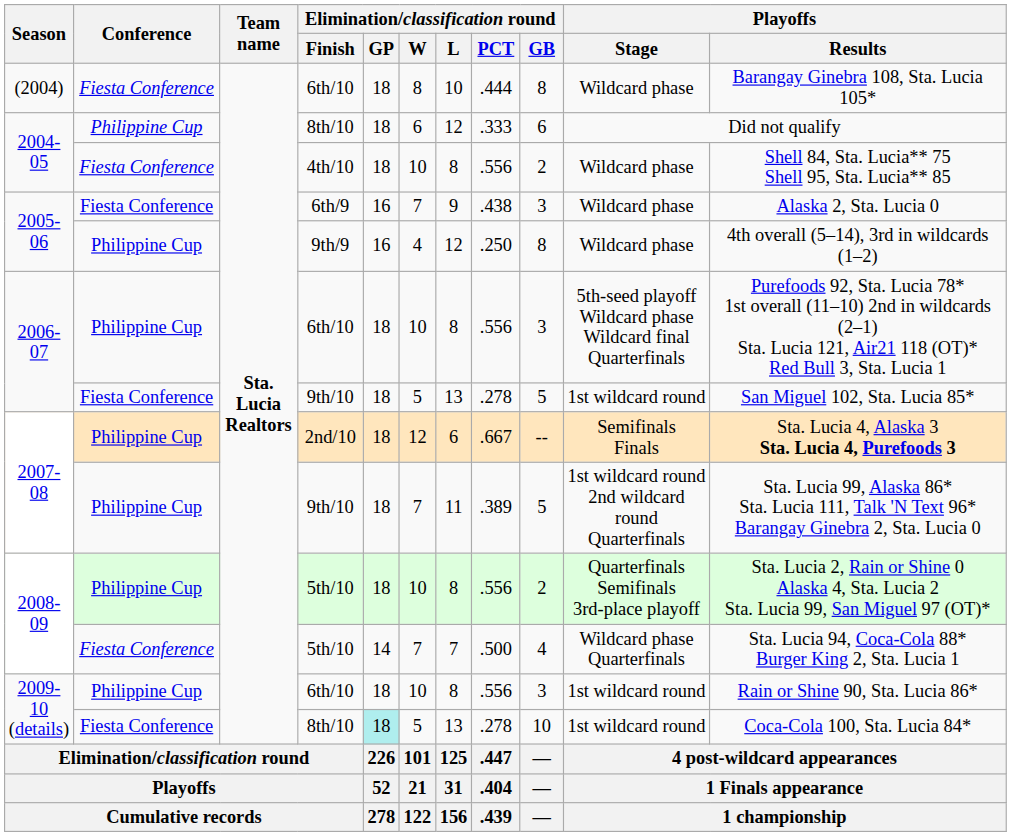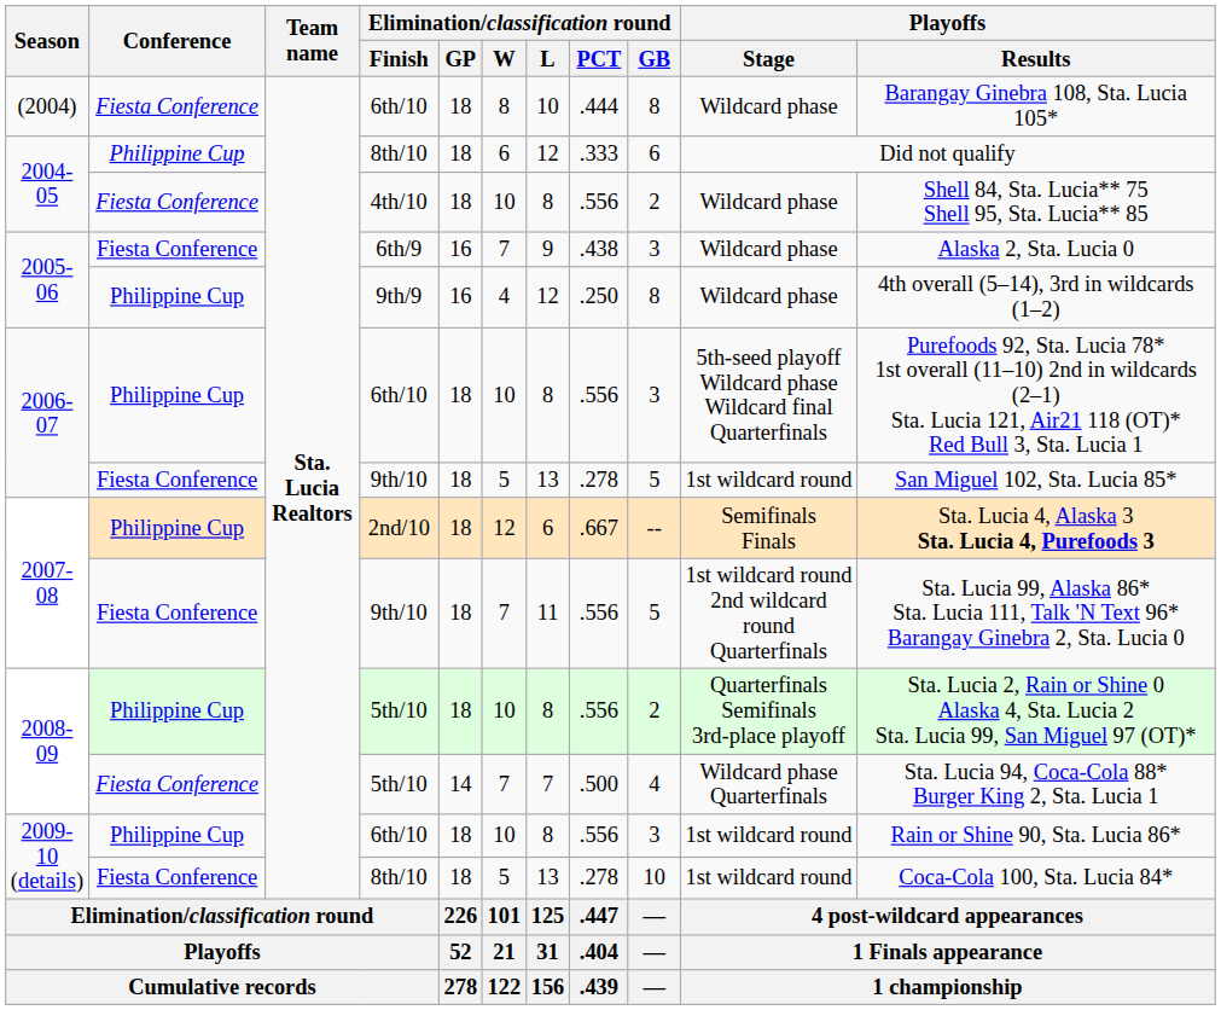 <table class=wikitable style="text-align:center;">
 <tr>
 <th width=50px rowspan=2>Season</th>
 <th width=120px rowspan=2>Conference</th>
 <th width=60px rowspan=2>Team name</th>
 <th colspan=6>Elimination/<em>classification</em> round</th>
 <th colspan=2>Playoffs</th>
 </tr>
 <tr>
 <th width=50px>Finish</th>
 <th width=20px>GP</th>
 <th width=20px>W</th>
 <th width=20px>L</th>
 <th width=35px><a href='#'>PCT</a></th>
 <th width=30px><a href='#'>GB</a></th>
 <th width=120px>Stage</th>
 <th width=250px>Results</th>
 </tr>
 <tr>
 <td>(2004)</td>
 <td><em><a href='#'>Fiesta Conference</a></em></td>
 <td rowspan=13><strong>Sta. Lucia Realtors</strong></td>
 <td>6th/10</td>
 <td>18</td>
 <td>8</td>
 <td>10</td>
 <td>.444</td>
 <td>8</td>
 <td>Wildcard phase</td>
 <td><a href='#'>Barangay Ginebra</a> 108, Sta. Lucia 105*</td>
 </tr>
 <tr>
 <td rowspan=2><a href='#'>2004-05</a></td>
 <td><em><a href='#'>Philippine Cup</a></em></td>
 <td>8th/10</td>
 <td>18</td>
 <td>6</td>
 <td>12</td>
 <td>.333</td>
 <td>6</td>
 <td colspan=2>Did not qualify</td>
 </tr>
 <tr>
 <td><em><a href='#'>Fiesta Conference</a></em></td>
 <td>4th/10</td>
 <td>18</td>
 <td>10</td>
 <td>8</td>
 <td>.556</td>
 <td>2</td>
 <td>Wildcard phase</td>
 <td><a href='#'>Shell</a> 84, Sta. Lucia** 75<br><a href='#'>Shell</a> 95, Sta. Lucia** 85</td>
 </tr>
 <tr>
 <td rowspan=2><a href='#'>2005-06</a></td>
 <td><a href='#'>Fiesta Conference</a></td>
 <td>6th/9</td>
 <td>16</td>
 <td>7</td>
 <td>9</td>
 <td>.438</td>
 <td>3</td>
 <td>Wildcard phase</td>
 <td><a href='#'>Alaska</a> 2, Sta. Lucia 0</td>
 </tr>
 <tr>
 <td><a href='#'>Philippine Cup</a></td>
 <td>9th/9</td>
 <td>16</td>
 <td>4</td>
 <td>12</td>
 <td>.250</td>
 <td>8</td>
 <td>Wildcard phase</td>
 <td>4th overall (5–14), 3rd in wildcards (1–2)</td>
 </tr>
 <tr>
 <td rowspan=2><a href='#'>2006-07</a></td>
 <td><a href='#'>Philippine Cup</a></td>
 <td>6th/10</td>
 <td>18</td>
 <td>10</td>
 <td>8</td>
 <td>.556</td>
 <td>3</td>
 <td>5th-seed playoff<br>Wildcard phase<br>Wildcard final<br>Quarterfinals</td>
 <td><a href='#'>Purefoods</a> 92, Sta. Lucia 78*<br>1st overall (11–10) 2nd in wildcards (2–1)<br>Sta. Lucia 121, <a href='#'>Air21</a> 118 (OT)*<br><a href='#'>Red Bull</a> 3, Sta. Lucia 1</td>
 </tr>
 <tr>
 <td><a href='#'>Fiesta Conference</a></td>
 <td>9th/10</td>
 <td>18</td>
 <td>5</td>
 <td>13</td>
 <td>.278</td>
 <td>5</td>
 <td>1st wildcard round</td>
 <td><a href='#'>San Miguel</a> 102, Sta. Lucia 85*</td>
 </tr>
 <tr bgcolor=#FFE6BD>
 <td bgcolor=white rowspan=2><a href='#'>2007-08</a></td>
 <td><a href='#'>Philippine Cup</a></td>
 <td>2nd/10</td>
 <td>18</td>
 <td>12</td>
 <td>6</td>
 <td>.667</td>
 <td>--</td>
 <td>Semifinals<br>Finals</td>
 <td>Sta. Lucia 4, <a href='#'>Alaska</a> 3<br><strong>Sta. Lucia 4, <a href='#'>Purefoods</a> 3</strong></td>
 </tr>
 <tr>
-<td><a href='#'>Philippine Cup</a></td>
+<td><a href='#'>Fiesta Conference</a></td>
 <td>9th/10</td>
 <td>18</td>
 <td>7</td>
 <td>11</td>
-<td>.389</td>
+<td>.556</td>
 <td>5</td>
 <td>1st wildcard round<br>2nd wildcard round<br>Quarterfinals</td>
 <td>Sta. Lucia 99, <a href='#'>Alaska</a> 86*<br>Sta. Lucia 111, <a href='#'>Talk 'N Text</a> 96*<br><a href='#'>Barangay Ginebra</a> 2, Sta. Lucia 0</td>
 </tr>
 <tr bgcolor=#DDFFDD>
 <td bgcolor=white rowspan=2><a href='#'>2008-09</a></td>
 <td><a href='#'>Philippine Cup</a></td>
 <td>5th/10</td>
 <td>18</td>
 <td>10</td>
 <td>8</td>
 <td>.556</td>
 <td>2</td>
 <td>Quarterfinals<br>Semifinals<br>3rd-place playoff</td>
 <td>Sta. Lucia 2, <a href='#'>Rain or Shine</a> 0<br> <a href='#'>Alaska</a> 4, Sta. Lucia 2<br> Sta. Lucia 99, <a href='#'>San Miguel</a> 97 (OT)*</td>
 </tr>
 <tr>
 <td><em><a href='#'>Fiesta Conference</a></em></td>
 <td>5th/10</td>
 <td>14</td>
 <td>7</td>
 <td>7</td>
 <td>.500</td>
 <td>4</td>
 <td>Wildcard phase<br>Quarterfinals</td>
 <td>Sta. Lucia 94, <a href='#'>Coca-Cola</a> 88*<br><a href='#'>Burger King</a> 2, Sta. Lucia 1</td>
 </tr>
 <tr>
 <td rowspan=2><a href='#'>2009-10</a><br>(<a href='#'>details</a>)</td>
 <td><a href='#'>Philippine Cup</a></td>
 <td>6th/10</td>
 <td>18</td>
 <td>10</td>
 <td>8</td>
 <td>.556</td>
 <td>3</td>
 <td>1st wildcard round</td>
 <td><a href='#'>Rain or Shine</a> 90, Sta. Lucia 86*</td>
 </tr>
 <tr>
 <td><a href='#'>Fiesta Conference</a></td>
 <td>8th/10</td>
-<td style="background: paleturquoise;">18</td>
+<td>18</td>
 <td>5</td>
 <td>13</td>
 <td>.278</td>
 <td>10</td>
 <td>1st wildcard round</td>
 <td><a href='#'>Coca-Cola</a> 100, Sta. Lucia 84*</td>
 </tr>
 <tr>
 <th colspan=4>Elimination/<em>classification</em> round</th>
 <th>226</th>
 <th>101</th>
 <th>125</th>
 <th>.447</th>
 <th>—</th>
 <th colspan=2>4 post-wildcard appearances</th>
 </tr>
 <tr>
 <th colspan=4>Playoffs</th>
 <th>52</th>
 <th>21</th>
 <th>31</th>
 <th>.404</th>
 <th>—</th>
 <th colspan=2>1 Finals appearance</th>
 </tr>
 <tr>
 <th colspan=4>Cumulative records</th>
 <th>278</th>
 <th>122</th>
 <th>156</th>
 <th>.439</th>
 <th>—</th>
 <th colspan=2>1 championship</th>
 </tr>
 </table>
